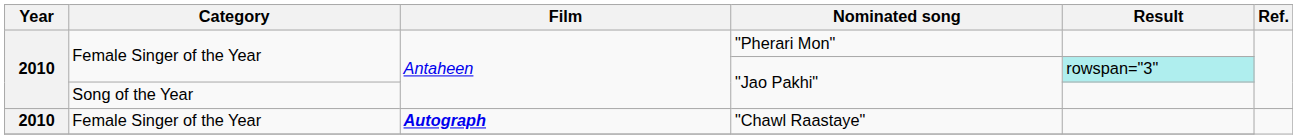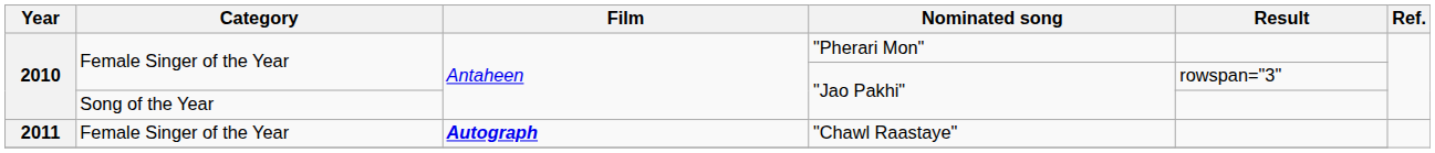 <table class="wikitable plainrowheaders" width="100%" textcolor:#000;">
 <tr>
 <th scope="col" width=5%><strong>Year</strong></th>
 <th scope="col" width=26%><strong>Category</strong></th>
 <th scope="col" width=26%><strong>Film</strong></th>
 <th scope="col" width=26%><strong>Nominated song</strong></th>
 <th scope="col" width=15%><strong>Result</strong></th>
 <th scope="col" width=2%><strong>Ref.</strong></th>
 </tr>
 <tr>
 <th scope="row"  rowspan="3">2010</th>
 <td rowspan="2">Female Singer of the Year</td>
 <td rowspan="3"><em><a href='#'>Antaheen</a></em></td>
 <td>"Pherari Mon"</td>
 <td></td>
 <td rowspan="3"></td>
 </tr>
 <tr>
 <td rowspan="2">"Jao Pakhi"</td>
-<td style="background: paleturquoise;">rowspan="3"  </td>
+<td>rowspan="3"  </td>
 </tr>
 <tr>
 <td>Song of the Year</td>
 </tr>
 <tr>
-<th scope="row">2010</th>
+<th scope="row">2011</th>
 <td>Female Singer of the Year</td>
 <td><strong><em><a href='#'>Autograph</a></em></strong></td>
 <td>"Chawl Raastaye"</td>
 <td></td>
 </tr>
 <tr>
 </tr>
 </table>
